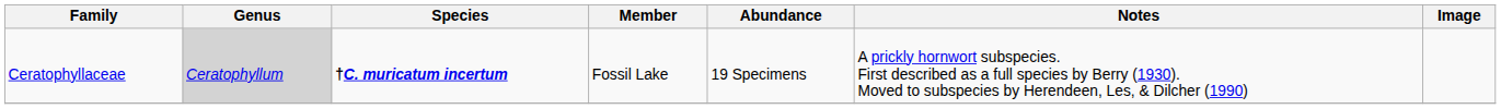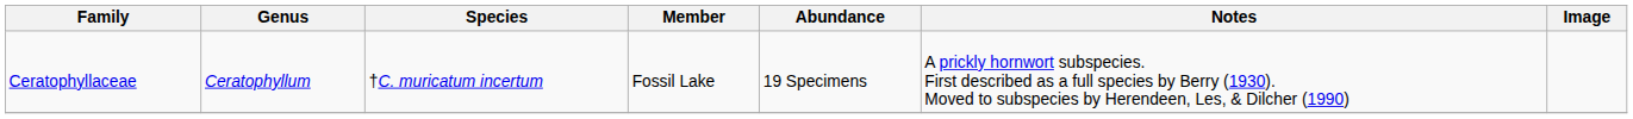 <table class="wikitable" style="margin:auto;width:100%;">
 <tr>
 <th>Family</th>
 <th>Genus</th>
 <th>Species</th>
 <th>Member</th>
 <th>Abundance</th>
 <th>Notes</th>
 <th>Image</th>
 </tr>
 <tr>
 <td><br><a href='#'>Ceratophyllaceae</a></td>
-<td style="background: lightgrey;"><br><em><a href='#'>Ceratophyllum</a></em></td>
-<td><strong><br>†<a href='#'><em>C. muricatum incertum</em></a> </strong></td>
+<td><br><em><a href='#'>Ceratophyllum</a></em></td>
+<td><br>†<a href='#'><em>C. muricatum incertum</em></a> </td>
 <td><br>Fossil Lake</td>
 <td><br>19 Specimens</td>
 <td><br>A <a href='#'>prickly hornwort</a> subspecies.<br>First described as a full species by Berry (<a href='#'>1930</a>).<br>Moved to subspecies by Herendeen, Les, & Dilcher (<a href='#'>1990</a>)</td>
 <td></td>
 </tr>
 <tr>
 </tr>
 </table>
